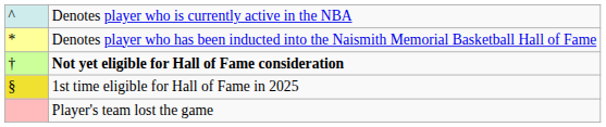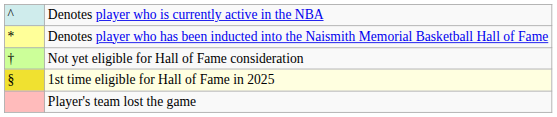 <table class="wikitable">
 <tr>
 <td style="background-color:#CFECEC; width:40px">^</td>
 <td colspan=5>Denotes <a href='#'>player who is currently active in the NBA</a></td>
 </tr>
 <tr>
 <td style="background-color:#FFFF99; width:40px">*</td>
 <td colspan=5>Denotes <a href='#'>player who has been inducted into the Naismith Memorial Basketball Hall of Fame</a></td>
 </tr>
 <tr>
 <td style="background:#CCFF99; width:1em">†</td>
-<td><strong>Not yet eligible for Hall of Fame consideration</strong></td>
+<td>Not yet eligible for Hall of Fame consideration</td>
 </tr>
 <tr>
 <td style="background:#F0E130; width:1em">§</td>
-<td>1st time eligible for Hall of Fame in 2025</td>
+<td style="background: lightyellow;">1st time eligible for Hall of Fame in 2025</td>
 </tr>
 <tr>
 <th scope="row" style="text-align:center; background-color: #ffbbbb"></th>
 <td colspan=5>Player's team lost the game</td>
 </tr>
 </table>
